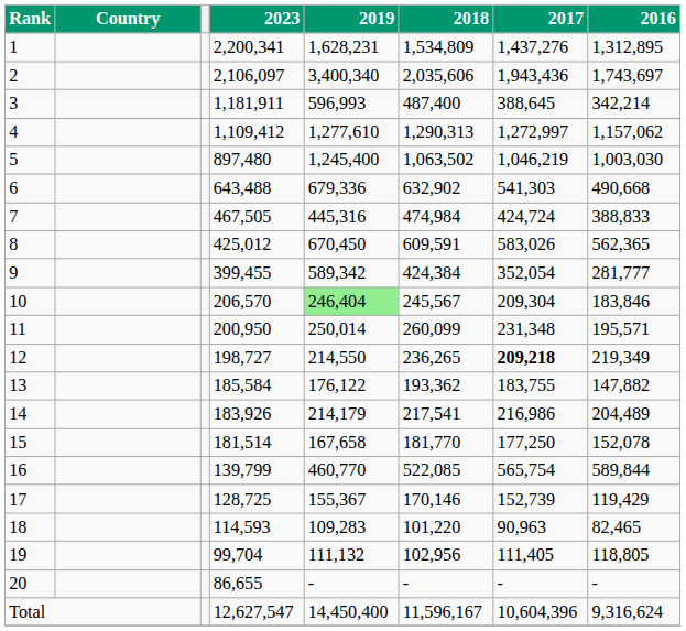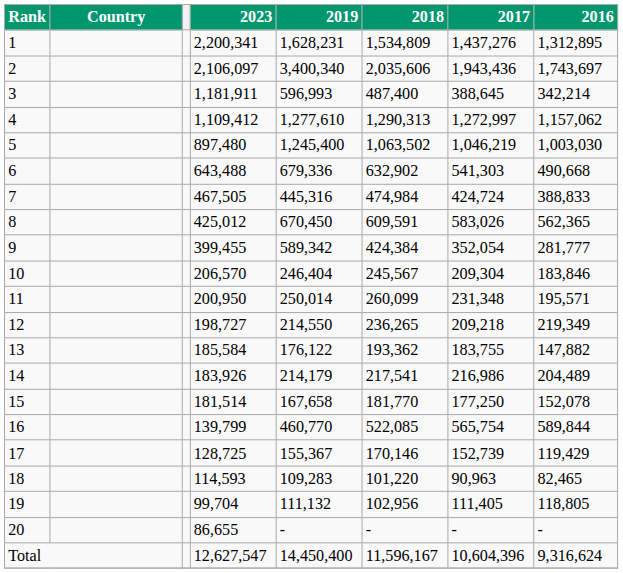 <table class="wikitable">
 <tr>
 </tr>
 <tr style="color:white;">
 <th style="width:5px; background:#00966E;">Rank</th>
 <th style="width:150px; background:#00966E;">Country</th>
 <th></th>
 <th style="width:80px; background:#00966E; text-align:right;">2023</th>
 <th style="width:80px; background:#00966E; text-align:right;">2019</th>
 <th style="width:80px; background:#00966E; text-align:right;">2018</th>
 <th style="width:80px; background:#00966E; text-align:right;">2017</th>
 <th style="width:80px; background:#00966E; text-align:right;">2016</th>
 </tr>
 <tr>
 <td>1</td>
 <td></td>
 <td></td>
 <td>2,200,341</td>
 <td>1,628,231</td>
 <td>1,534,809</td>
 <td>1,437,276</td>
 <td>1,312,895</td>
 </tr>
 <tr>
 <td>2</td>
 <td></td>
 <td></td>
 <td>2,106,097</td>
 <td>3,400,340</td>
 <td>2,035,606</td>
 <td>1,943,436</td>
 <td>1,743,697</td>
 </tr>
 <tr>
 <td>3</td>
 <td></td>
 <td></td>
 <td>1,181,911</td>
 <td>596,993</td>
 <td>487,400</td>
 <td>388,645</td>
 <td>342,214</td>
 </tr>
 <tr>
 <td>4</td>
 <td></td>
 <td></td>
 <td>1,109,412</td>
 <td>1,277,610</td>
 <td>1,290,313</td>
 <td>1,272,997</td>
 <td>1,157,062</td>
 </tr>
 <tr>
 <td>5</td>
 <td></td>
 <td></td>
 <td>897,480</td>
 <td>1,245,400</td>
 <td>1,063,502</td>
 <td>1,046,219</td>
 <td>1,003,030</td>
 </tr>
 <tr>
 <td>6</td>
 <td></td>
 <td></td>
 <td>643,488</td>
 <td>679,336</td>
 <td>632,902</td>
 <td>541,303</td>
 <td>490,668</td>
 </tr>
 <tr>
 <td>7</td>
 <td></td>
 <td></td>
 <td>467,505</td>
 <td>445,316</td>
 <td>474,984</td>
 <td>424,724</td>
 <td>388,833</td>
 </tr>
 <tr>
 <td>8</td>
 <td></td>
 <td></td>
 <td>425,012</td>
 <td>670,450</td>
 <td>609,591</td>
 <td>583,026</td>
 <td>562,365</td>
 </tr>
 <tr>
 <td>9</td>
 <td></td>
 <td></td>
 <td>399,455</td>
 <td>589,342</td>
 <td>424,384</td>
 <td>352,054</td>
 <td>281,777</td>
 </tr>
 <tr>
 <td>10</td>
 <td></td>
 <td></td>
 <td>206,570</td>
-<td style="background: lightgreen;">246,404</td>
+<td>246,404</td>
 <td>245,567</td>
 <td>209,304</td>
 <td>183,846</td>
 </tr>
 <tr>
 <td>11</td>
 <td></td>
 <td></td>
 <td>200,950</td>
 <td>250,014</td>
 <td>260,099</td>
 <td>231,348</td>
 <td>195,571</td>
 </tr>
 <tr>
 <td>12</td>
 <td></td>
 <td></td>
 <td>198,727</td>
 <td>214,550</td>
 <td>236,265</td>
-<td><strong>209,218</strong></td>
+<td>209,218</td>
 <td>219,349</td>
 </tr>
 <tr>
 <td>13</td>
 <td></td>
 <td></td>
 <td>185,584</td>
 <td>176,122</td>
 <td>193,362</td>
 <td>183,755</td>
 <td>147,882</td>
 </tr>
 <tr>
 <td>14</td>
 <td></td>
 <td></td>
 <td>183,926</td>
 <td>214,179</td>
 <td>217,541</td>
 <td>216,986</td>
 <td>204,489</td>
 </tr>
 <tr>
 <td>15</td>
 <td></td>
 <td></td>
 <td>181,514</td>
 <td>167,658</td>
 <td>181,770</td>
 <td>177,250</td>
 <td>152,078</td>
 </tr>
 <tr>
 <td>16</td>
 <td></td>
 <td></td>
 <td>139,799</td>
 <td>460,770</td>
 <td>522,085</td>
 <td>565,754</td>
 <td>589,844</td>
 </tr>
 <tr>
 <td>17</td>
 <td></td>
 <td></td>
 <td>128,725</td>
 <td>155,367</td>
 <td>170,146</td>
 <td>152,739</td>
 <td>119,429</td>
 </tr>
 <tr>
 <td>18</td>
 <td></td>
 <td></td>
 <td>114,593</td>
 <td>109,283</td>
 <td>101,220</td>
 <td>90,963</td>
 <td>82,465</td>
 </tr>
 <tr>
 <td>19</td>
 <td></td>
 <td></td>
 <td>99,704</td>
 <td>111,132</td>
 <td>102,956</td>
 <td>111,405</td>
 <td>118,805</td>
 </tr>
 <tr>
 <td>20</td>
 <td></td>
 <td></td>
 <td>86,655</td>
 <td>-</td>
 <td>-</td>
 <td>-</td>
 <td>-</td>
 </tr>
 <tr>
 <td colspan="2">Total</td>
 <td></td>
 <td>12,627,547</td>
 <td>14,450,400</td>
 <td>11,596,167</td>
 <td>10,604,396</td>
 <td>9,316,624</td>
 </tr>
 <tr>
 </tr>
 </table>
